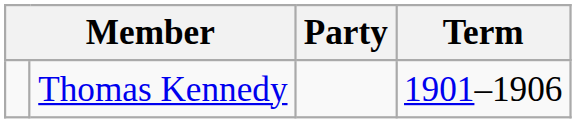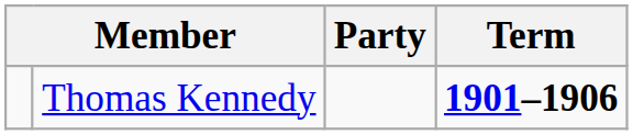 <table class="wikitable">
 <tr>
 <th colspan="2">Member</th>
 <th>Party</th>
 <th>Term</th>
 </tr>
 <tr>
 <td> </td>
 <td><a href='#'>Thomas Kennedy</a></td>
 <td></td>
-<td><a href='#'>1901</a>–1906</td>
+<td><strong><a href='#'>1901</a>–1906</strong></td>
 </tr>
 </table>
